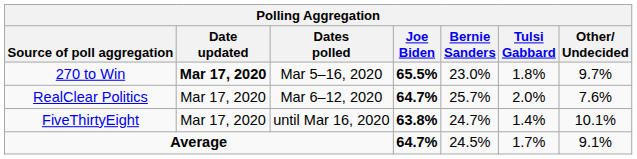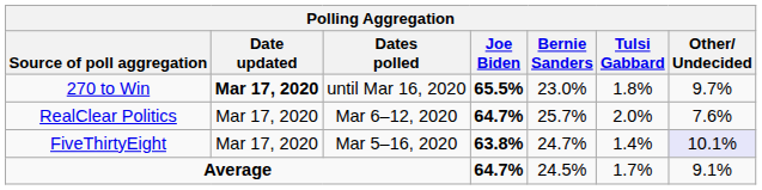 <table class="wikitable" style="font-size:90%;text-align:center;">
 <tr valign=bottom style="font-size:90%;">
 <th colspan="8">Polling Aggregation</th>
 </tr>
 <tr valign=bottom style="font-size:90%;">
 <th>Source of poll aggregation</th>
 <th>Date<br>updated</th>
 <th>Dates<br>polled</th>
 <th><a href='#'>Joe<br>Biden</a></th>
 <th><a href='#'>Bernie<br>Sanders</a></th>
 <th><a href='#'>Tulsi<br>Gabbard</a></th>
 <th>Other/<br>Undecided</th>
 </tr>
 <tr>
 <td><a href='#'>270 to Win</a></td>
 <td><strong>Mar 17, 2020</strong></td>
-<td>Mar 5–16, 2020</td>
+<td>until Mar 16, 2020 </td>
 <td><strong>65.5%</strong></td>
 <td>23.0%</td>
 <td>1.8%</td>
 <td>9.7%</td>
 </tr>
 <tr>
 <td><a href='#'>RealClear Politics</a></td>
 <td>Mar 17, 2020</td>
 <td>Mar 6–12, 2020</td>
 <td><strong>64.7%</strong></td>
 <td>25.7%</td>
 <td>2.0%</td>
 <td>7.6%</td>
 </tr>
 <tr>
 <td><a href='#'>FiveThirtyEight</a></td>
 <td>Mar 17, 2020</td>
-<td>until Mar 16, 2020 </td>
+<td>Mar 5–16, 2020</td>
 <td><strong>63.8%</strong></td>
 <td>24.7%</td>
 <td>1.4%</td>
-<td>10.1%</td>
+<td style="background: lavender;">10.1%</td>
 </tr>
 <tr>
 <td colspan="3"><strong>Average</strong></td>
 <td><strong>64.7%</strong></td>
 <td>24.5%</td>
 <td>1.7%</td>
 <td>9.1%</td>
 </tr>
 </table>
